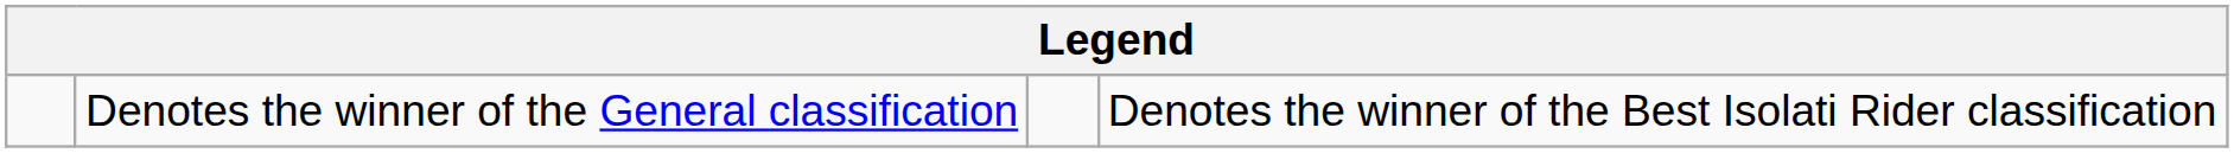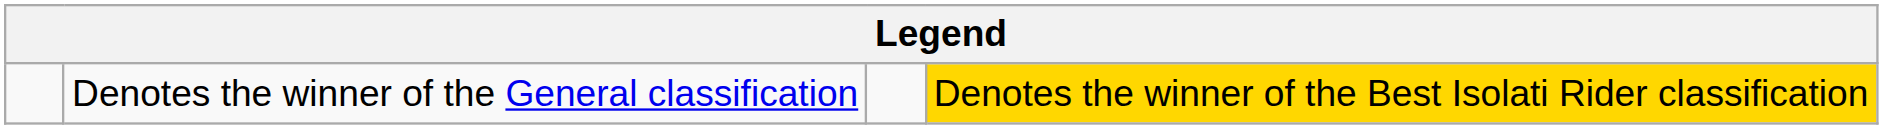 <table class="wikitable">
 <tr>
 <th colspan=4>Legend</th>
 </tr>
 <tr>
 <td>    </td>
 <td>Denotes the winner of the <a href='#'>General classification</a></td>
 <td>    </td>
-<td>Denotes the winner of the Best Isolati Rider classification</td>
+<td style="background: gold;">Denotes the winner of the Best Isolati Rider classification</td>
 </tr>
 </table>
